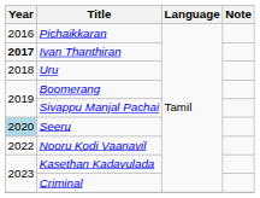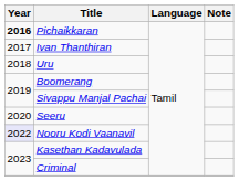 <table class="wikitable">
 <tr>
 <th>Year</th>
 <th>Title</th>
 <th>Language</th>
 <th>Note</th>
 </tr>
 <tr>
-<td>2016</td>
+<td><strong>2016</strong></td>
 <td><em><a href='#'>Pichaikkaran</a></em></td>
 <td rowspan="9">Tamil</td>
 <td></td>
 </tr>
 <tr>
-<td><strong>2017</strong></td>
+<td>2017</td>
 <td><em><a href='#'>Ivan Thanthiran</a></em></td>
 <td></td>
 </tr>
 <tr>
 <td>2018</td>
 <td><em><a href='#'>Uru</a></em></td>
 <td></td>
 </tr>
 <tr>
 <td rowspan="2">2019</td>
 <td><em><a href='#'>Boomerang</a></em></td>
 <td></td>
 </tr>
 <tr>
 <td><em><a href='#'>Sivappu Manjal Pachai</a></em></td>
 <td></td>
 </tr>
 <tr>
-<td style="background: lightblue;">2020</td>
+<td>2020</td>
 <td><em><a href='#'>Seeru</a></em></td>
 <td></td>
 </tr>
 <tr>
-<td>2022</td>
+<td style="background: lavender;">2022</td>
 <td><em><a href='#'>Nooru Kodi Vaanavil</a></em></td>
 <td></td>
 </tr>
 <tr>
 <td rowspan="2">2023</td>
 <td><em><a href='#'>Kasethan Kadavulada</a></em></td>
 <td></td>
 </tr>
 <tr>
 <td><em><a href='#'>Criminal</a></em></td>
 <td></td>
 </tr>
 <tr>
 </tr>
 </table>
